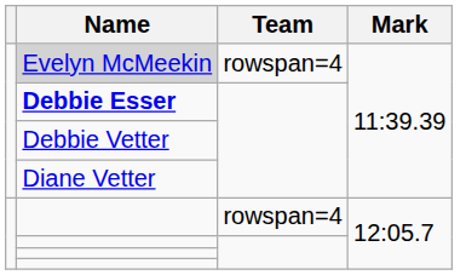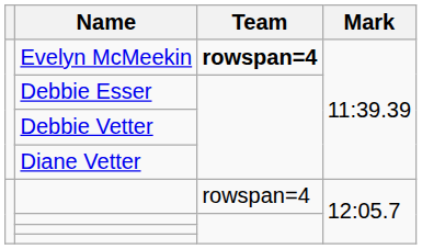 <table class=wikitable>
 <tr>
 <th></th>
 <th>Name</th>
 <th>Team</th>
 <th>Mark</th>
 </tr>
 <tr>
 <td rowspan=4></td>
-<td style="background: lightgrey;"><a href='#'>Evelyn McMeekin</a></td>
-<td>rowspan=4 </td>
+<td><a href='#'>Evelyn McMeekin</a></td>
+<td><strong>rowspan=4 </strong></td>
 <td rowspan=4>11:39.39 </td>
 </tr>
 <tr>
-<td><strong><a href='#'>Debbie Esser</a></strong></td>
+<td><a href='#'>Debbie Esser</a></td>
 </tr>
 <tr>
 <td><a href='#'>Debbie Vetter</a></td>
 </tr>
 <tr>
 <td><a href='#'>Diane Vetter</a></td>
 </tr>
 <tr>
 <td rowspan=4></td>
 <td></td>
 <td>rowspan=4 </td>
 <td rowspan=4>12:05.7</td>
 </tr>
 <tr>
 <td></td>
 </tr>
 <tr>
 <td></td>
 </tr>
 <tr>
 <td></td>
 </tr>
 </table>
